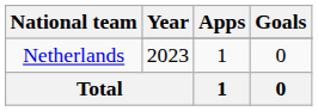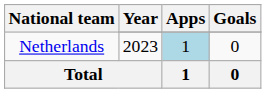 <table class="wikitable" style="text-align:center">
 <tr>
 <th>National team</th>
 <th>Year</th>
 <th>Apps</th>
 <th>Goals</th>
 </tr>
 <tr>
 <td rowspan="2"><a href='#'>Netherlands</a></td>
 </tr>
 <tr>
 <td>2023</td>
-<td>1</td>
+<td style="background: lightblue;">1</td>
 <td>0</td>
 </tr>
 <tr>
 <th colspan="2">Total</th>
 <th>1</th>
 <th>0</th>
 </tr>
 </table>
